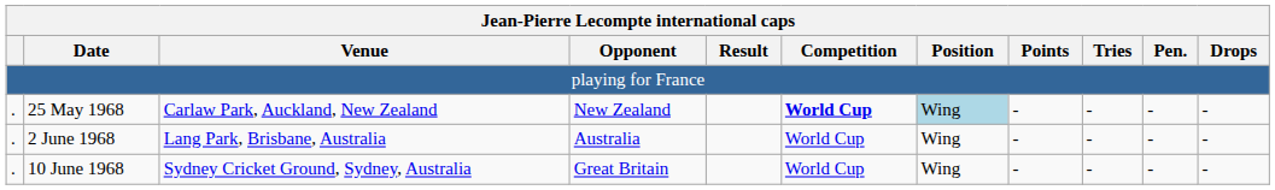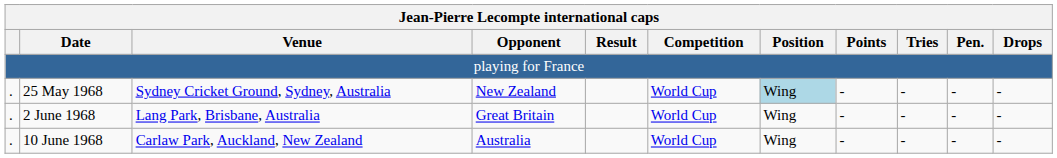 <table class="wikitable sortable" style="float:center; border:1px; font-size:90%; margin-left:1em;" border="1">
 <tr>
 <th colspan="12" width="1000">Jean-Pierre Lecompte international caps</th>
 </tr>
 <tr>
 <th></th>
 <th>Date</th>
 <th>Venue</th>
 <th>Opponent</th>
 <th>Result</th>
 <th>Competition</th>
 <th>Position</th>
 <th>Points</th>
 <th>Tries</th>
 <th>Pen.</th>
 <th>Drops</th>
 </tr>
 <tr>
 <td colspan="11" style="text-align:center; background-color:#369; color:#ffffff;">playing for France</td>
 </tr>
 <tr>
 <td>.</td>
 <td>25 May 1968</td>
-<td><a href='#'>Carlaw Park</a>, <a href='#'>Auckland</a>, <a href='#'>New Zealand</a></td>
+<td><a href='#'>Sydney Cricket Ground</a>, <a href='#'>Sydney</a>, <a href='#'>Australia</a></td>
 <td><a href='#'>New Zealand</a></td>
 <td></td>
-<td><strong><a href='#'>World Cup</a></strong></td>
+<td><a href='#'>World Cup</a></td>
 <td style="background: lightblue;">Wing</td>
 <td>-</td>
 <td>-</td>
 <td>-</td>
 <td>-</td>
 </tr>
 <tr>
 <td>.</td>
 <td>2 June 1968</td>
 <td><a href='#'>Lang Park</a>, <a href='#'>Brisbane</a>, <a href='#'>Australia</a></td>
-<td><a href='#'>Australia</a></td>
+<td><a href='#'>Great Britain</a></td>
 <td></td>
 <td><a href='#'>World Cup</a></td>
 <td>Wing</td>
 <td>-</td>
 <td>-</td>
 <td>-</td>
 <td>-</td>
 </tr>
 <tr>
 <td>.</td>
 <td>10 June 1968</td>
-<td><a href='#'>Sydney Cricket Ground</a>, <a href='#'>Sydney</a>, <a href='#'>Australia</a></td>
-<td><a href='#'>Great Britain</a></td>
+<td><a href='#'>Carlaw Park</a>, <a href='#'>Auckland</a>, <a href='#'>New Zealand</a></td>
+<td><a href='#'>Australia</a></td>
 <td></td>
 <td><a href='#'>World Cup</a></td>
 <td>Wing</td>
 <td>-</td>
 <td>-</td>
 <td>-</td>
 <td>-</td>
 </tr>
 </table>
